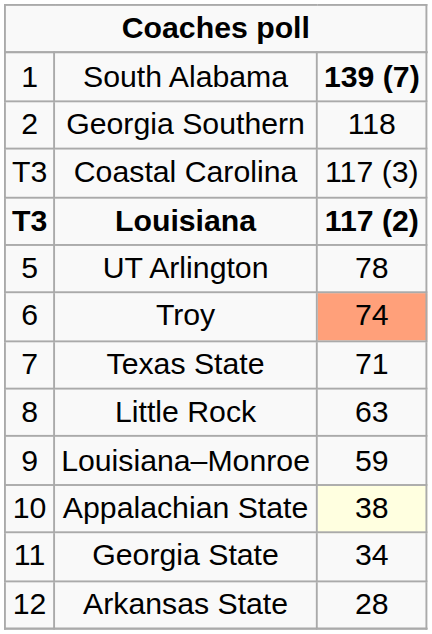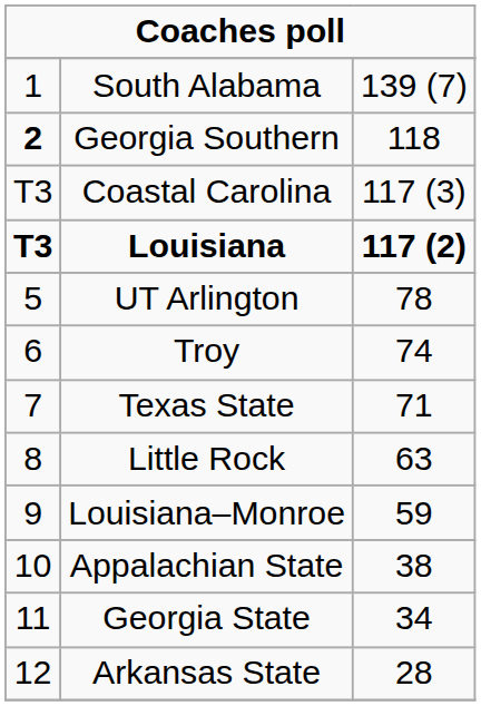 <table class="wikitable">
 <tr align="center">
 <td align="center" Colspan="3"><strong>Coaches poll</strong></td>
 </tr>
 <tr align="center">
 </tr>
 <tr align="center">
 <td>1</td>
 <td>South Alabama</td>
-<td><strong>139 (7)</strong></td>
+<td>139 (7)</td>
 </tr>
 <tr align="center">
-<td>2</td>
+<td><strong>2</strong></td>
 <td>Georgia Southern</td>
 <td>118</td>
 </tr>
 <tr align="center">
 <td>T3</td>
 <td>Coastal Carolina</td>
 <td>117 (3)</td>
 </tr>
 <tr align="center">
 <td><strong>T3</strong></td>
 <td><strong>Louisiana</strong></td>
 <td><strong>117 (2)</strong></td>
 </tr>
 <tr align="center">
 <td>5</td>
 <td>UT Arlington</td>
 <td>78</td>
 </tr>
 <tr align="center">
 <td>6</td>
 <td>Troy</td>
-<td style="background: lightsalmon;">74</td>
+<td>74</td>
 </tr>
 <tr align="center">
 <td>7</td>
 <td>Texas State</td>
 <td>71</td>
 </tr>
 <tr align="center">
 <td>8</td>
 <td>Little Rock</td>
 <td>63</td>
 </tr>
 <tr align="center">
 <td>9</td>
 <td>Louisiana–Monroe</td>
 <td>59</td>
 </tr>
 <tr align="center">
 <td>10</td>
 <td>Appalachian State</td>
-<td style="background: lightyellow;">38</td>
+<td>38</td>
 </tr>
 <tr align="center">
 <td>11</td>
 <td>Georgia State</td>
 <td>34</td>
 </tr>
 <tr align="center">
 <td>12</td>
 <td>Arkansas State</td>
 <td>28</td>
 </tr>
 <tr align="center">
 </tr>
 </table>
